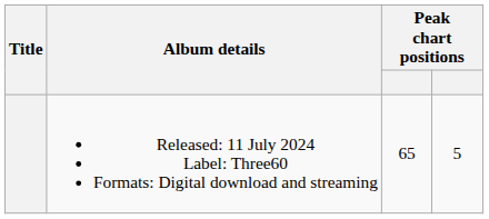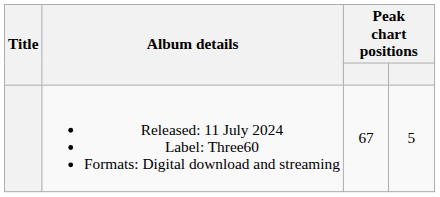 <table class="wikitable plainrowheaders" style="text-align:center;" border="1">
 <tr>
 <th scope="col" rowspan="2">Title</th>
 <th scope="col" rowspan="2">Album details</th>
 <th scope="col" colspan="2">Peak<br>chart<br>positions</th>
 </tr>
 <tr>
 <th scope="col" style="width:3em;font-size:85%;"><a href='#'></a><br></th>
 <th scope="col" style="width:3em;font-size:85%;"><a href='#'></a><br></th>
 </tr>
 <tr>
 <th scope="row"><br></th>
 <td><br><ul><li>Released: 11 July 2024</li><li>Label: Three60</li><li>Formats: Digital download and streaming</li></ul></td>
-<td>65</td>
+<td>67</td>
 <td>5</td>
 </tr>
 </table>
